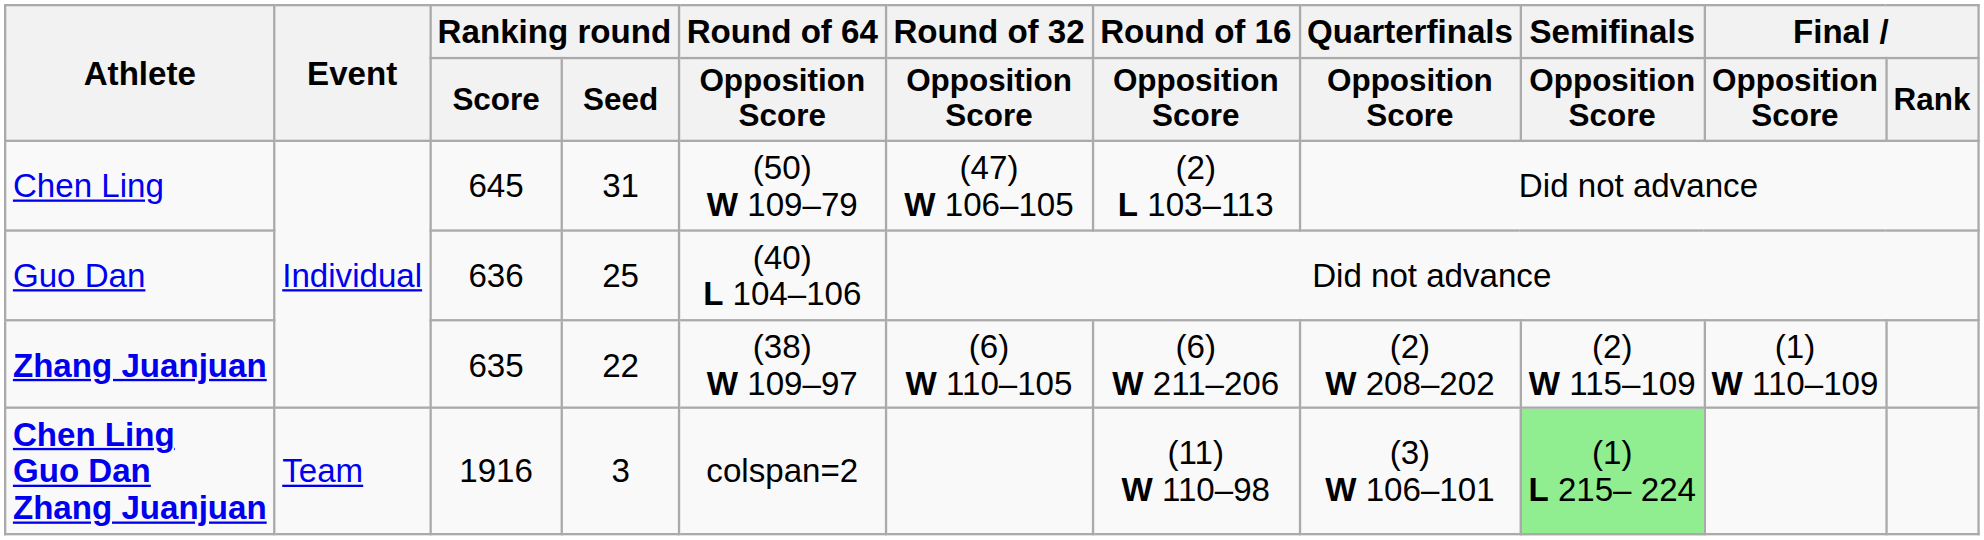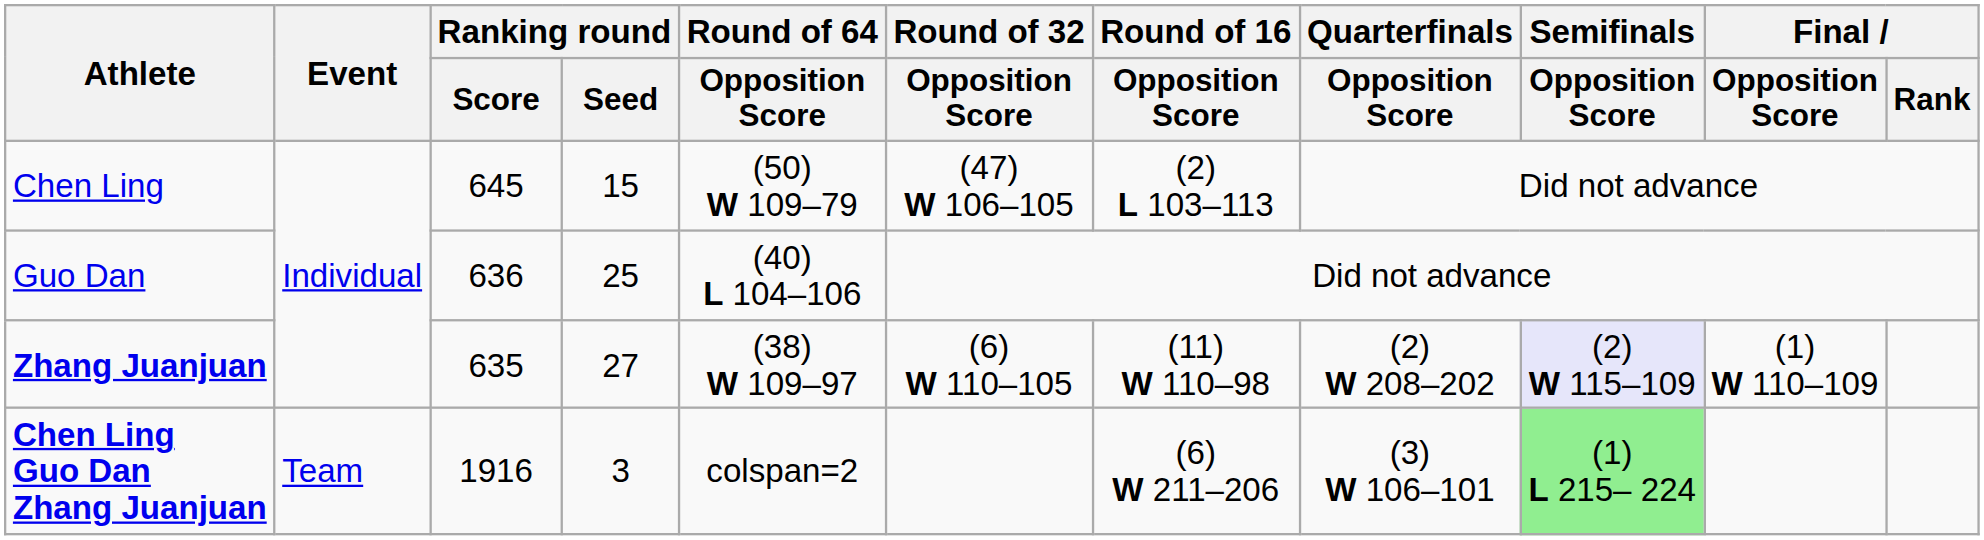 <table class="wikitable" style="font-size:90%">
 <tr>
 <th rowspan="2">Athlete</th>
 <th rowspan="2">Event</th>
 <th colspan="2">Ranking round</th>
 <th>Round of 64</th>
 <th>Round of 32</th>
 <th>Round of 16</th>
 <th>Quarterfinals</th>
 <th>Semifinals</th>
 <th colspan="2">Final / </th>
 </tr>
 <tr style="font-size:95%">
 <th>Score</th>
 <th>Seed</th>
 <th>Opposition<br>Score</th>
 <th>Opposition<br>Score</th>
 <th>Opposition<br>Score</th>
 <th>Opposition<br>Score</th>
 <th>Opposition<br>Score</th>
 <th>Opposition<br>Score</th>
 <th>Rank</th>
 </tr>
 <tr align=center>
 <td align=left><a href='#'>Chen Ling</a></td>
 <td align=left rowspan=3><a href='#'>Individual</a></td>
 <td>645</td>
-<td>31</td>
+<td>15</td>
 <td> (50)<br><strong>W</strong> 109–79</td>
 <td> (47)<br><strong>W</strong> 106–105</td>
 <td> (2)<br><strong>L</strong> 103–113</td>
 <td colspan=4>Did not advance</td>
 </tr>
 <tr align=center>
 <td align=left><a href='#'>Guo Dan</a></td>
 <td>636</td>
 <td>25</td>
 <td> (40)<br><strong>L</strong> 104–106</td>
 <td colspan=6>Did not advance</td>
 </tr>
 <tr align=center>
 <td align=left><strong><a href='#'>Zhang Juanjuan</a></strong></td>
 <td>635</td>
-<td>22</td>
+<td>27</td>
 <td> (38)<br><strong>W</strong> 109–97</td>
 <td> (6)<br><strong>W</strong> 110–105</td>
-<td> (6)<br><strong>W</strong> 211–206</td>
+<td> (11)<br><strong>W</strong> 110–98</td>
 <td> (2)<br><strong>W</strong> 208–202</td>
-<td> (2)<br><strong>W</strong> 115–109</td>
+<td style="background: lavender;"> (2)<br><strong>W</strong> 115–109</td>
 <td> (1)<br><strong>W</strong> 110–109</td>
 <td></td>
 </tr>
 <tr align=center>
 <td align=left><strong><a href='#'>Chen Ling</a><br><a href='#'>Guo Dan</a><br><a href='#'>Zhang Juanjuan</a></strong></td>
 <td align=left><a href='#'>Team</a></td>
 <td>1916</td>
 <td>3</td>
 <td>colspan=2 </td>
 <td></td>
-<td> (11)<br><strong>W</strong> 110–98</td>
+<td> (6)<br><strong>W</strong> 211–206</td>
 <td> (3)<br><strong>W</strong> 106–101</td>
 <td style="background: lightgreen;"> (1) <br><strong>L</strong> 215– 224</td>
 <td></td>
 </tr>
 </table>
